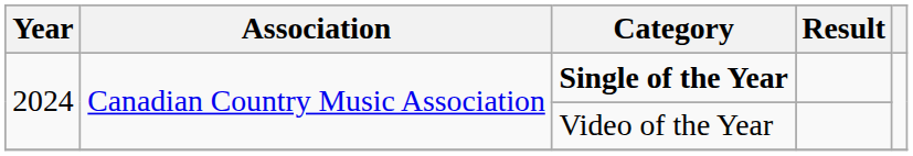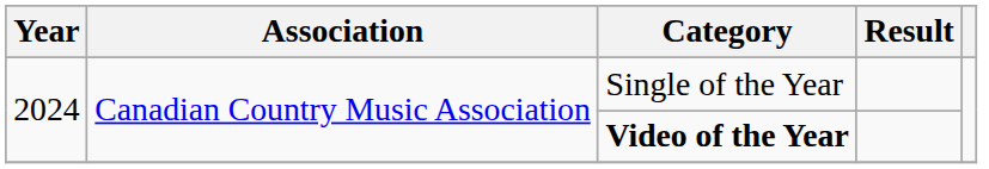 <table class="wikitable">
 <tr>
 <th>Year</th>
 <th>Association</th>
 <th>Category</th>
 <th>Result</th>
 <th></th>
 </tr>
 <tr>
 <td rowspan="2">2024</td>
 <td rowspan="2"><a href='#'>Canadian Country Music Association</a></td>
-<td><strong>Single of the Year</strong></td>
+<td>Single of the Year</td>
 <td></td>
 <td rowspan="2"><br></td>
 </tr>
 <tr>
-<td>Video of the Year</td>
+<td><strong>Video of the Year</strong></td>
 <td></td>
 </tr>
 <tr>
 </tr>
 </table>
